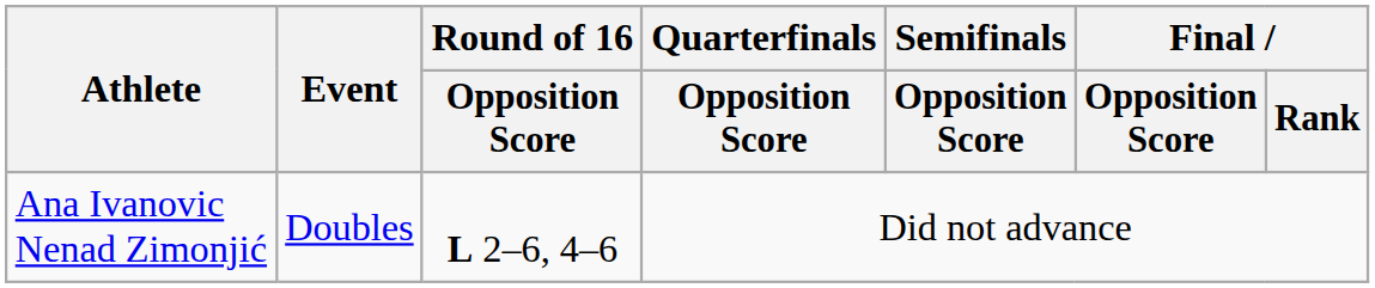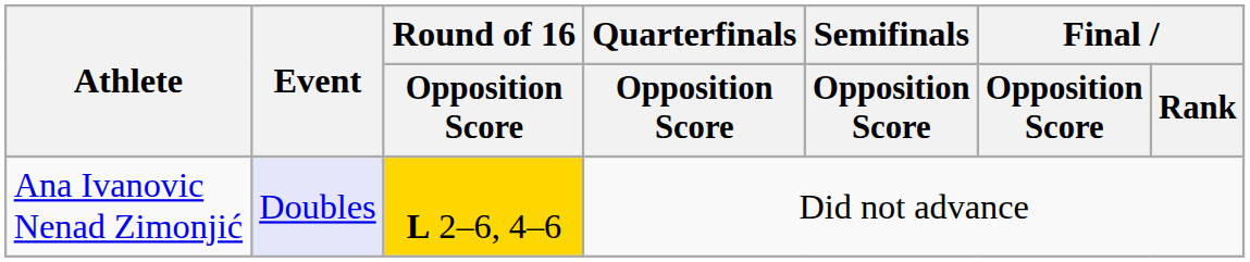 <table class=wikitable style="font-size:90%">
 <tr>
 <th rowspan="2">Athlete</th>
 <th rowspan="2">Event</th>
 <th>Round of 16</th>
 <th>Quarterfinals</th>
 <th>Semifinals</th>
 <th colspan=2>Final / </th>
 </tr>
 <tr style="font-size:95%">
 <th>Opposition<br>Score</th>
 <th>Opposition<br>Score</th>
 <th>Opposition<br>Score</th>
 <th>Opposition<br>Score</th>
 <th>Rank</th>
 </tr>
 <tr align=center>
 <td align=left><a href='#'>Ana Ivanovic</a><br><a href='#'>Nenad Zimonjić</a></td>
-<td align=left><a href='#'>Doubles</a></td>
-<td><br><strong>L</strong> 2–6, 4–6</td>
+<td align=left style="background: lavender;"><a href='#'>Doubles</a></td>
+<td style="background: gold;"><br><strong>L</strong> 2–6, 4–6</td>
 <td colspan=4>Did not advance</td>
 </tr>
 </table>
